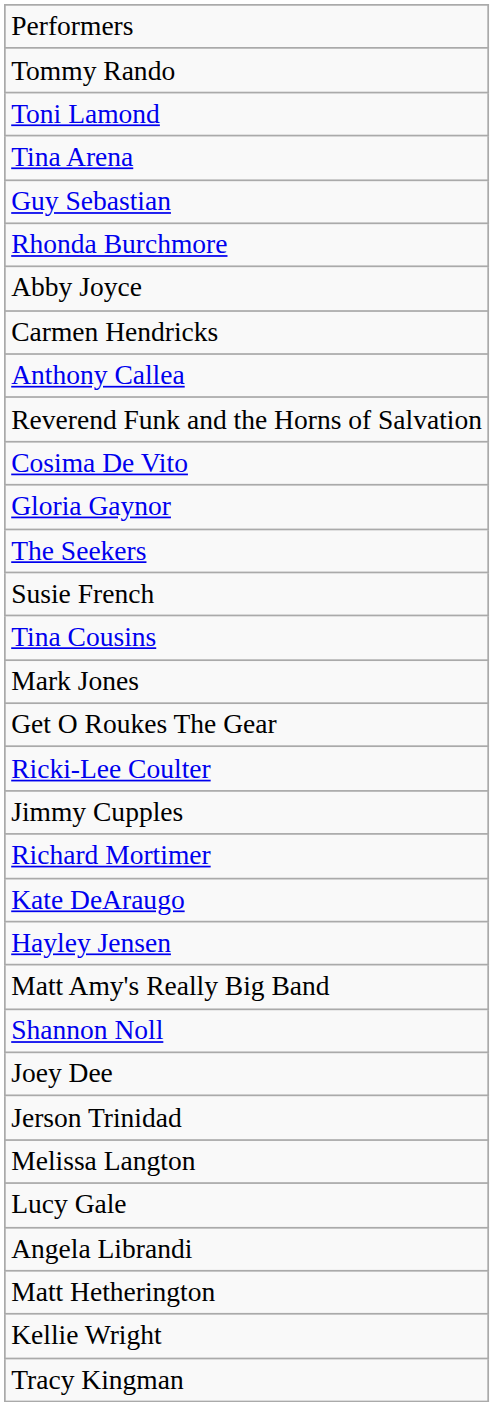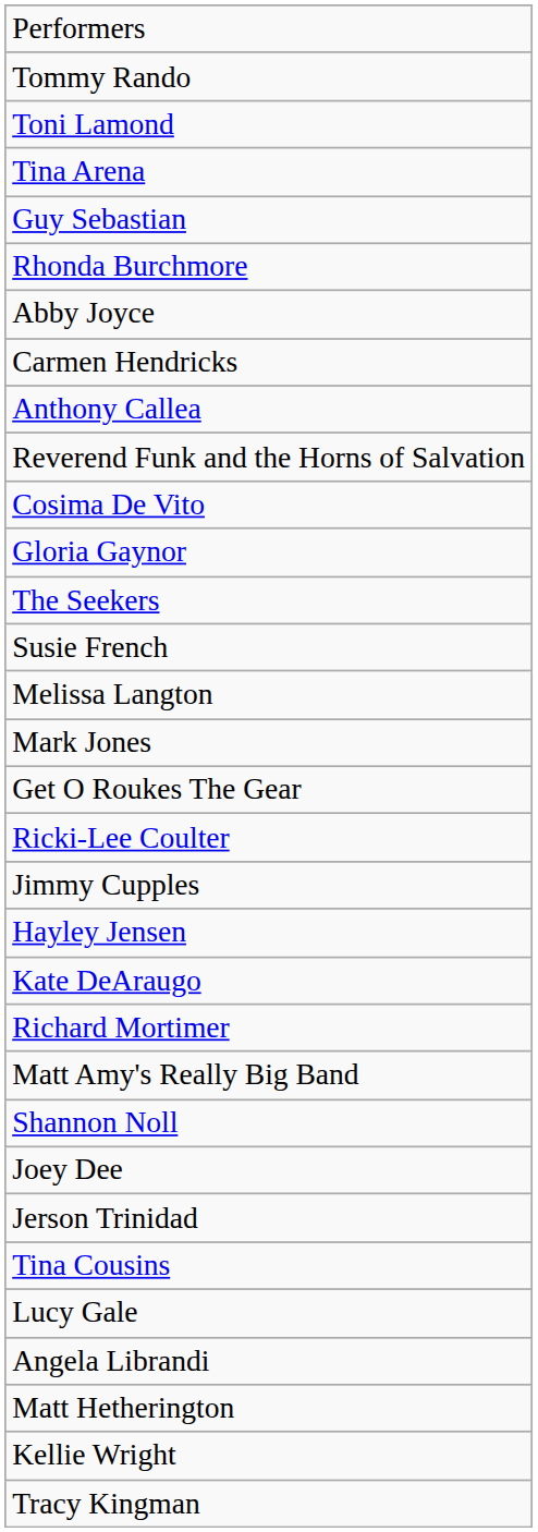 <table class="wikitable">
 <tr>
 <td>Performers</td>
 </tr>
 <tr>
 <td>Tommy Rando</td>
 </tr>
 <tr>
 <td><a href='#'>Toni Lamond</a></td>
 </tr>
 <tr>
 <td><a href='#'>Tina Arena</a></td>
 </tr>
 <tr>
 <td><a href='#'>Guy Sebastian</a></td>
 </tr>
 <tr>
 <td><a href='#'>Rhonda Burchmore</a></td>
 </tr>
 <tr>
 <td>Abby Joyce</td>
 </tr>
 <tr>
 <td>Carmen Hendricks</td>
 </tr>
 <tr>
 <td><a href='#'>Anthony Callea</a></td>
 </tr>
 <tr>
 <td>Reverend Funk and the Horns of Salvation</td>
 </tr>
 <tr>
 <td><a href='#'>Cosima De Vito</a></td>
 </tr>
 <tr>
 <td><a href='#'>Gloria Gaynor</a></td>
 </tr>
 <tr>
 <td><a href='#'>The Seekers</a></td>
 </tr>
 <tr>
 <td>Susie French</td>
 </tr>
 <tr>
-<td><a href='#'>Tina Cousins</a></td>
+<td>Melissa Langton</td>
 </tr>
 <tr>
 <td>Mark Jones</td>
 </tr>
 <tr>
 <td>Get O Roukes The Gear</td>
 </tr>
 <tr>
 <td><a href='#'>Ricki-Lee Coulter</a></td>
 </tr>
 <tr>
 <td>Jimmy Cupples</td>
 </tr>
 <tr>
-<td><a href='#'>Richard Mortimer</a></td>
+<td><a href='#'>Hayley Jensen</a></td>
 </tr>
 <tr>
 <td><a href='#'>Kate DeAraugo</a></td>
 </tr>
 <tr>
-<td><a href='#'>Hayley Jensen</a></td>
+<td><a href='#'>Richard Mortimer</a></td>
 </tr>
 <tr>
 <td>Matt Amy's Really Big Band</td>
 </tr>
 <tr>
 <td><a href='#'>Shannon Noll</a></td>
 </tr>
 <tr>
 <td>Joey Dee</td>
 </tr>
 <tr>
 <td>Jerson Trinidad</td>
 </tr>
 <tr>
-<td>Melissa Langton</td>
+<td><a href='#'>Tina Cousins</a></td>
 </tr>
 <tr>
 <td>Lucy Gale</td>
 </tr>
 <tr>
 <td>Angela Librandi</td>
 </tr>
 <tr>
 <td>Matt Hetherington</td>
 </tr>
 <tr>
 <td>Kellie Wright</td>
 </tr>
 <tr>
 <td>Tracy Kingman</td>
 </tr>
 </table>
